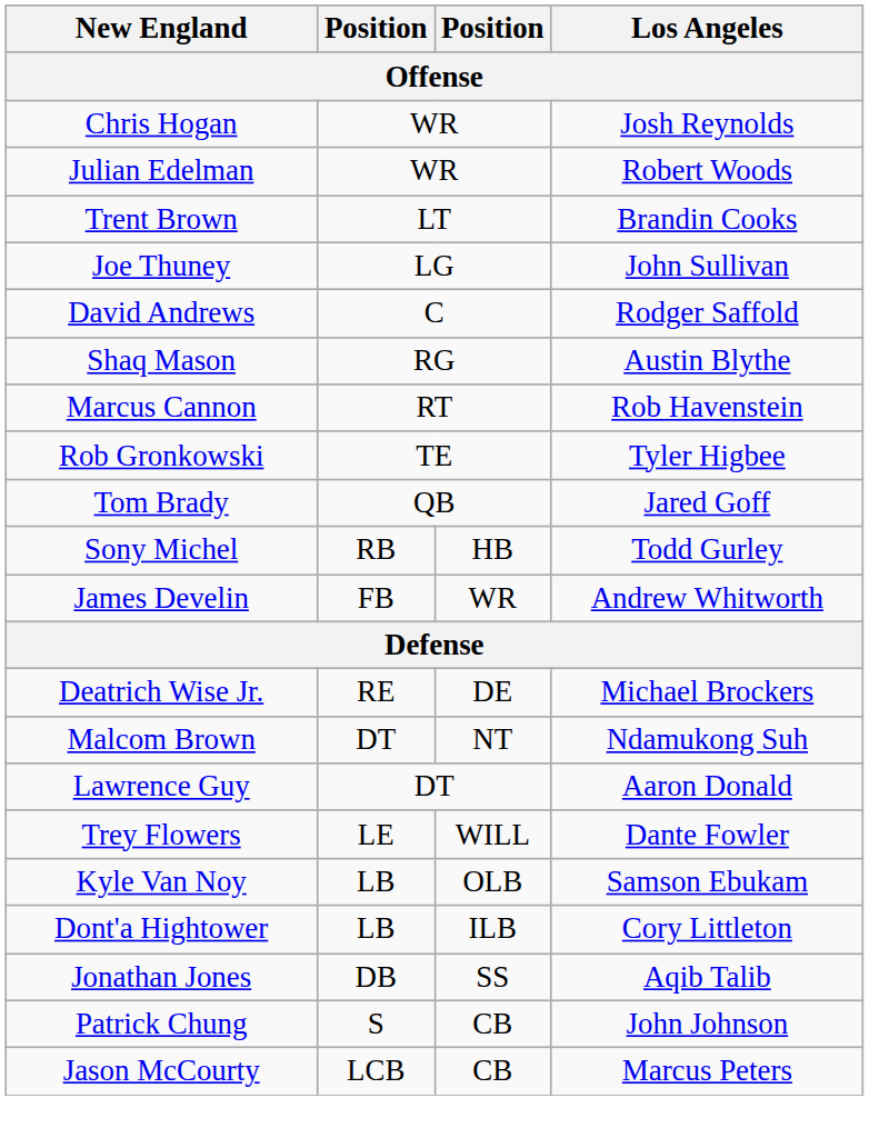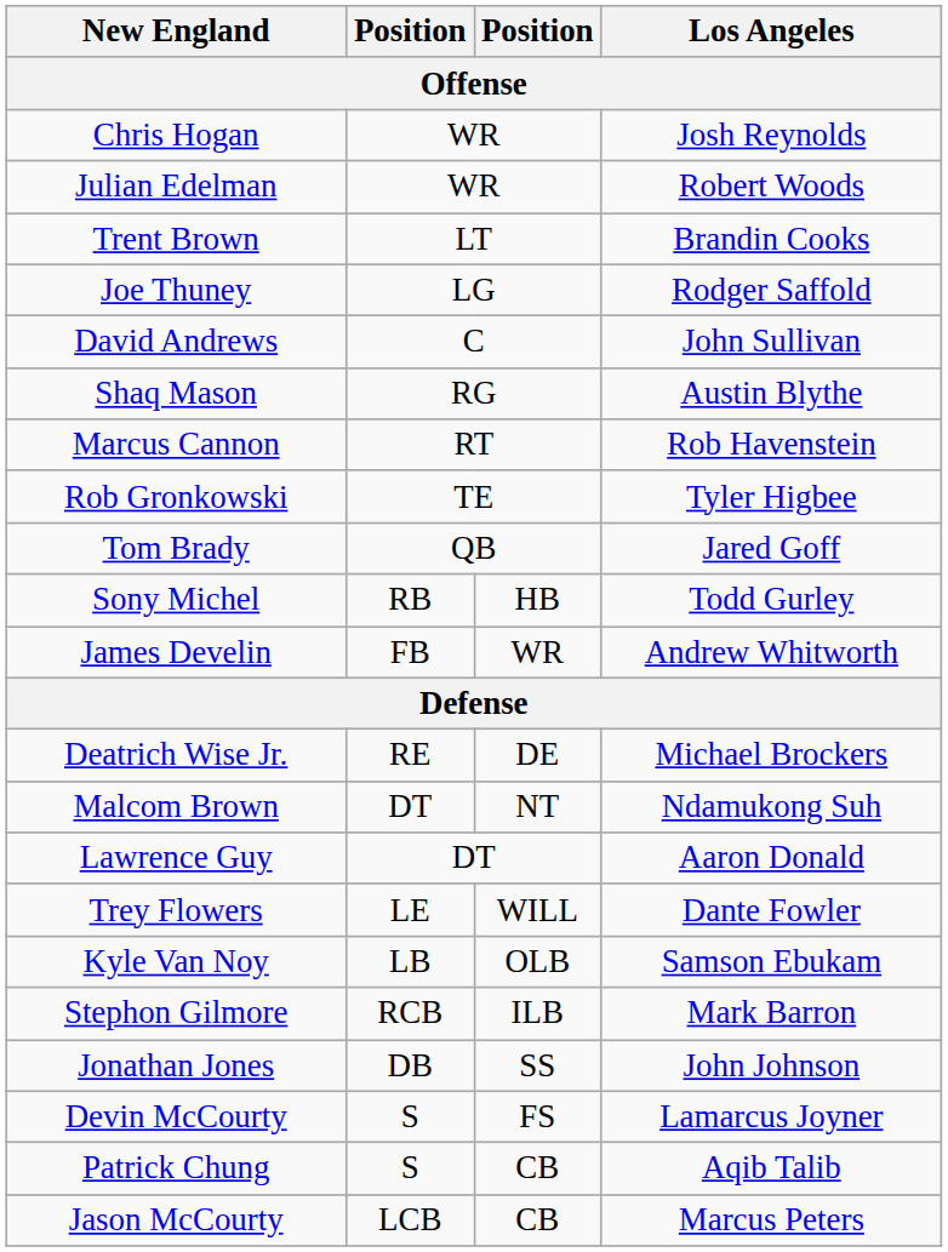 <table class="wikitable" style="text-align:center;margin:1em auto;">
 <tr>
 <th style="width:160px;">New England</th>
 <th>Position</th>
 <th>Position</th>
 <th style="width:160px;">Los Angeles</th>
 </tr>
 <tr>
 <th colspan="4">Offense</th>
 </tr>
 <tr>
 <td><a href='#'>Chris Hogan</a></td>
 <td colspan="2">WR</td>
 <td><a href='#'>Josh Reynolds</a></td>
 </tr>
 <tr>
 <td><a href='#'>Julian Edelman</a></td>
 <td colspan="2">WR</td>
 <td><a href='#'>Robert Woods</a></td>
 </tr>
 <tr>
 <td><a href='#'>Trent Brown</a></td>
 <td colspan="2">LT</td>
 <td><a href='#'>Brandin Cooks</a></td>
 </tr>
 <tr>
 <td><a href='#'>Joe Thuney</a></td>
 <td colspan="2">LG</td>
-<td><a href='#'>John Sullivan</a></td>
+<td><a href='#'>Rodger Saffold</a></td>
 </tr>
 <tr>
 <td><a href='#'>David Andrews</a></td>
 <td colspan="2">C</td>
-<td><a href='#'>Rodger Saffold</a></td>
+<td><a href='#'>John Sullivan</a></td>
 </tr>
 <tr>
 <td><a href='#'>Shaq Mason</a></td>
 <td colspan="2">RG</td>
 <td><a href='#'>Austin Blythe</a></td>
 </tr>
 <tr>
 <td><a href='#'>Marcus Cannon</a></td>
 <td colspan="2">RT</td>
 <td><a href='#'>Rob Havenstein</a></td>
 </tr>
 <tr>
 <td><a href='#'>Rob Gronkowski</a></td>
 <td colspan="2">TE</td>
 <td><a href='#'>Tyler Higbee</a></td>
 </tr>
 <tr>
 <td><a href='#'>Tom Brady</a></td>
 <td colspan="2">QB</td>
 <td><a href='#'>Jared Goff</a></td>
 </tr>
 <tr>
 <td><a href='#'>Sony Michel</a></td>
 <td>RB</td>
 <td>HB</td>
 <td><a href='#'>Todd Gurley</a></td>
 </tr>
 <tr>
 <td><a href='#'>James Develin</a></td>
 <td>FB</td>
 <td>WR</td>
 <td><a href='#'>Andrew Whitworth</a></td>
 </tr>
 <tr>
 <th colspan="4">Defense</th>
 </tr>
 <tr>
 <td><a href='#'>Deatrich Wise Jr.</a></td>
 <td>RE</td>
 <td>DE</td>
 <td><a href='#'>Michael Brockers</a></td>
 </tr>
 <tr>
 <td><a href='#'>Malcom Brown</a></td>
 <td>DT</td>
 <td>NT</td>
 <td><a href='#'>Ndamukong Suh</a></td>
 </tr>
 <tr>
 <td><a href='#'>Lawrence Guy</a></td>
 <td colspan="2">DT</td>
 <td><a href='#'>Aaron Donald</a></td>
 </tr>
 <tr>
 <td><a href='#'>Trey Flowers</a></td>
 <td>LE</td>
 <td>WILL</td>
 <td><a href='#'>Dante Fowler</a></td>
 </tr>
 <tr>
 <td><a href='#'>Kyle Van Noy</a></td>
 <td>LB</td>
 <td>OLB</td>
 <td><a href='#'>Samson Ebukam</a></td>
 </tr>
 <tr>
-<td><a href='#'>Dont'a Hightower</a></td>
-<td>LB</td>
+<td><a href='#'>Stephon Gilmore</a></td>
+<td>RCB</td>
 <td>ILB</td>
-<td><a href='#'>Cory Littleton</a></td>
+<td><a href='#'>Mark Barron</a></td>
 </tr>
 <tr>
 <td><a href='#'>Jonathan Jones</a></td>
 <td>DB</td>
 <td>SS</td>
-<td><a href='#'>Aqib Talib</a></td>
+<td><a href='#'>John Johnson</a></td>
+</tr>
+<tr>
+<td><a href='#'>Devin McCourty</a></td>
+<td>S</td>
+<td>FS</td>
+<td><a href='#'>Lamarcus Joyner</a></td>
 </tr>
 <tr>
 <td><a href='#'>Patrick Chung</a></td>
 <td>S</td>
 <td>CB</td>
-<td><a href='#'>John Johnson</a></td>
+<td><a href='#'>Aqib Talib</a></td>
 </tr>
 <tr>
 <td><a href='#'>Jason McCourty</a></td>
 <td>LCB</td>
 <td>CB</td>
 <td><a href='#'>Marcus Peters</a></td>
 </tr>
 </table>
